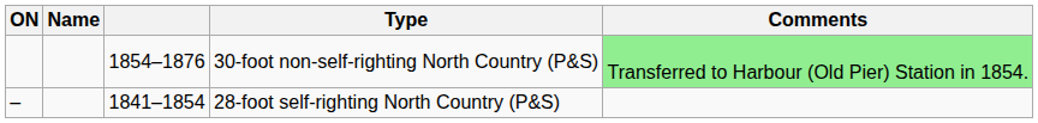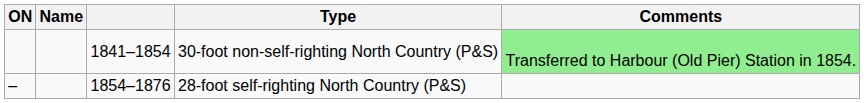 <table class="wikitable">
 <tr>
 <th>ON</th>
 <th>Name</th>
 <th></th>
 <th>Type</th>
 <th>Comments</th>
 </tr>
 <tr>
 <td></td>
 <td></td>
-<td>1854–1876</td>
+<td>1841–1854</td>
 <td>30-foot non-self-righting North Country (P&S)</td>
 <td style="background: lightgreen;"><br>Transferred to Harbour (Old Pier) Station in 1854.</td>
 </tr>
 <tr>
 <td>–</td>
 <td></td>
-<td>1841–1854</td>
+<td>1854–1876</td>
 <td>28-foot self-righting North Country (P&S)</td>
 <td></td>
 </tr>
 <tr>
 </tr>
 </table>
